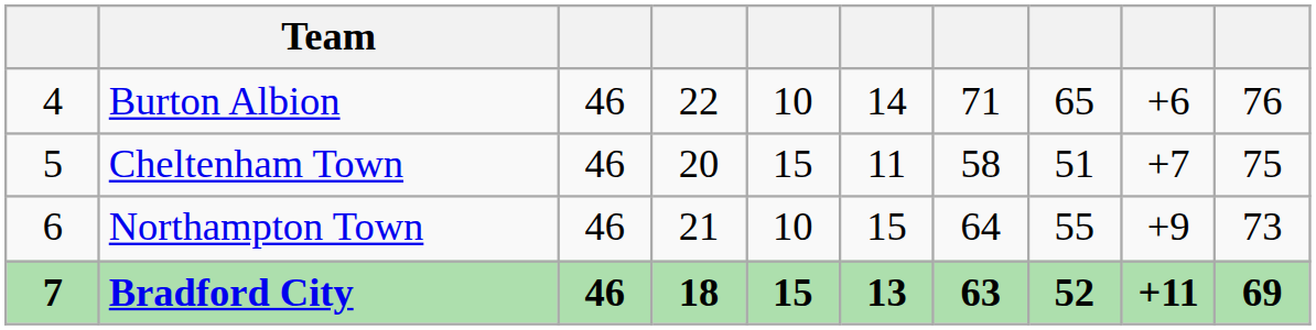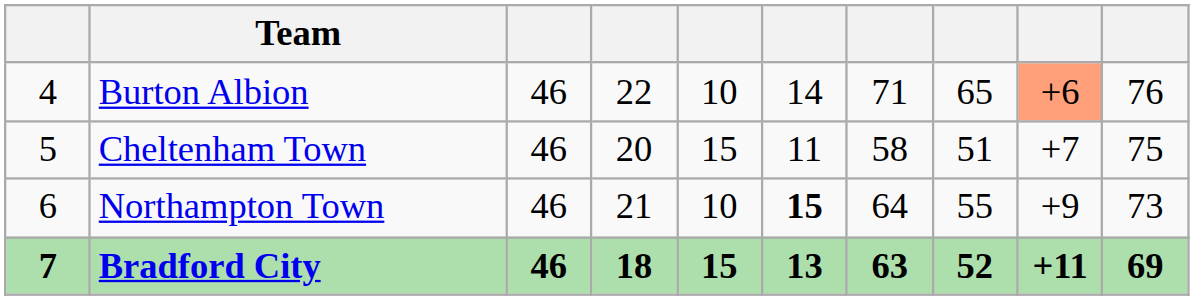 <table class="wikitable" style="text-align:center">
 <tr>
 <th width="30"></th>
 <th width="175">Team</th>
 <th width="30"></th>
 <th width="30"></th>
 <th width="30"></th>
 <th width="30"></th>
 <th width="30"></th>
 <th width="30"></th>
 <th width="30"></th>
 <th width="30"></th>
 </tr>
 <tr>
 <td>4</td>
 <td align=left><a href='#'>Burton Albion</a></td>
 <td>46</td>
 <td>22</td>
 <td>10</td>
 <td>14</td>
 <td>71</td>
 <td>65</td>
-<td>+6</td>
+<td style="background: lightsalmon;">+6</td>
 <td>76</td>
 </tr>
 <tr>
 <td>5</td>
 <td align=left><a href='#'>Cheltenham Town</a></td>
 <td>46</td>
 <td>20</td>
 <td>15</td>
 <td>11</td>
 <td>58</td>
 <td>51</td>
 <td>+7</td>
 <td>75</td>
 </tr>
 <tr>
 <td>6</td>
 <td align=left><a href='#'>Northampton Town</a></td>
 <td>46</td>
 <td>21</td>
 <td>10</td>
-<td>15</td>
+<td><strong>15</strong></td>
 <td>64</td>
 <td>55</td>
 <td>+9</td>
 <td>73</td>
 </tr>
 <tr style="background:#addfad;">
 <td><strong>7</strong></td>
 <td align=left><strong><a href='#'>Bradford City</a></strong></td>
 <td><strong>46</strong></td>
 <td><strong>18</strong></td>
 <td><strong>15</strong></td>
 <td><strong>13</strong></td>
 <td><strong>63</strong></td>
 <td><strong>52</strong></td>
 <td><strong>+11</strong></td>
 <td><strong>69</strong></td>
 </tr>
 </table>
